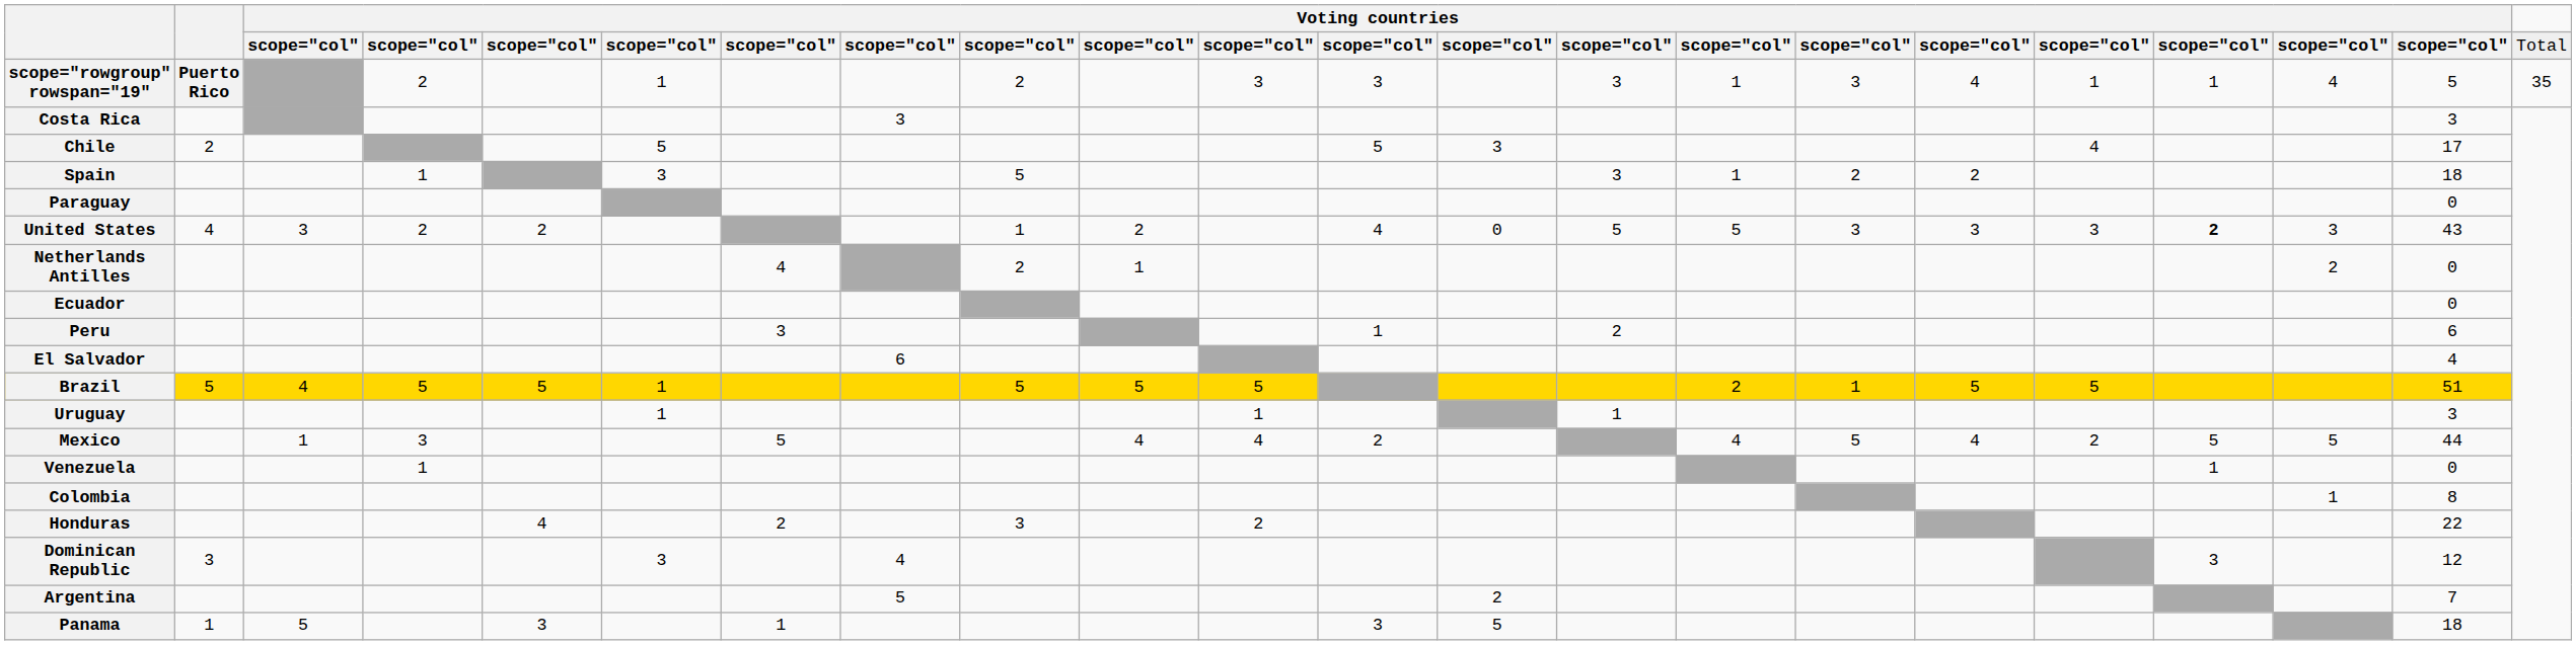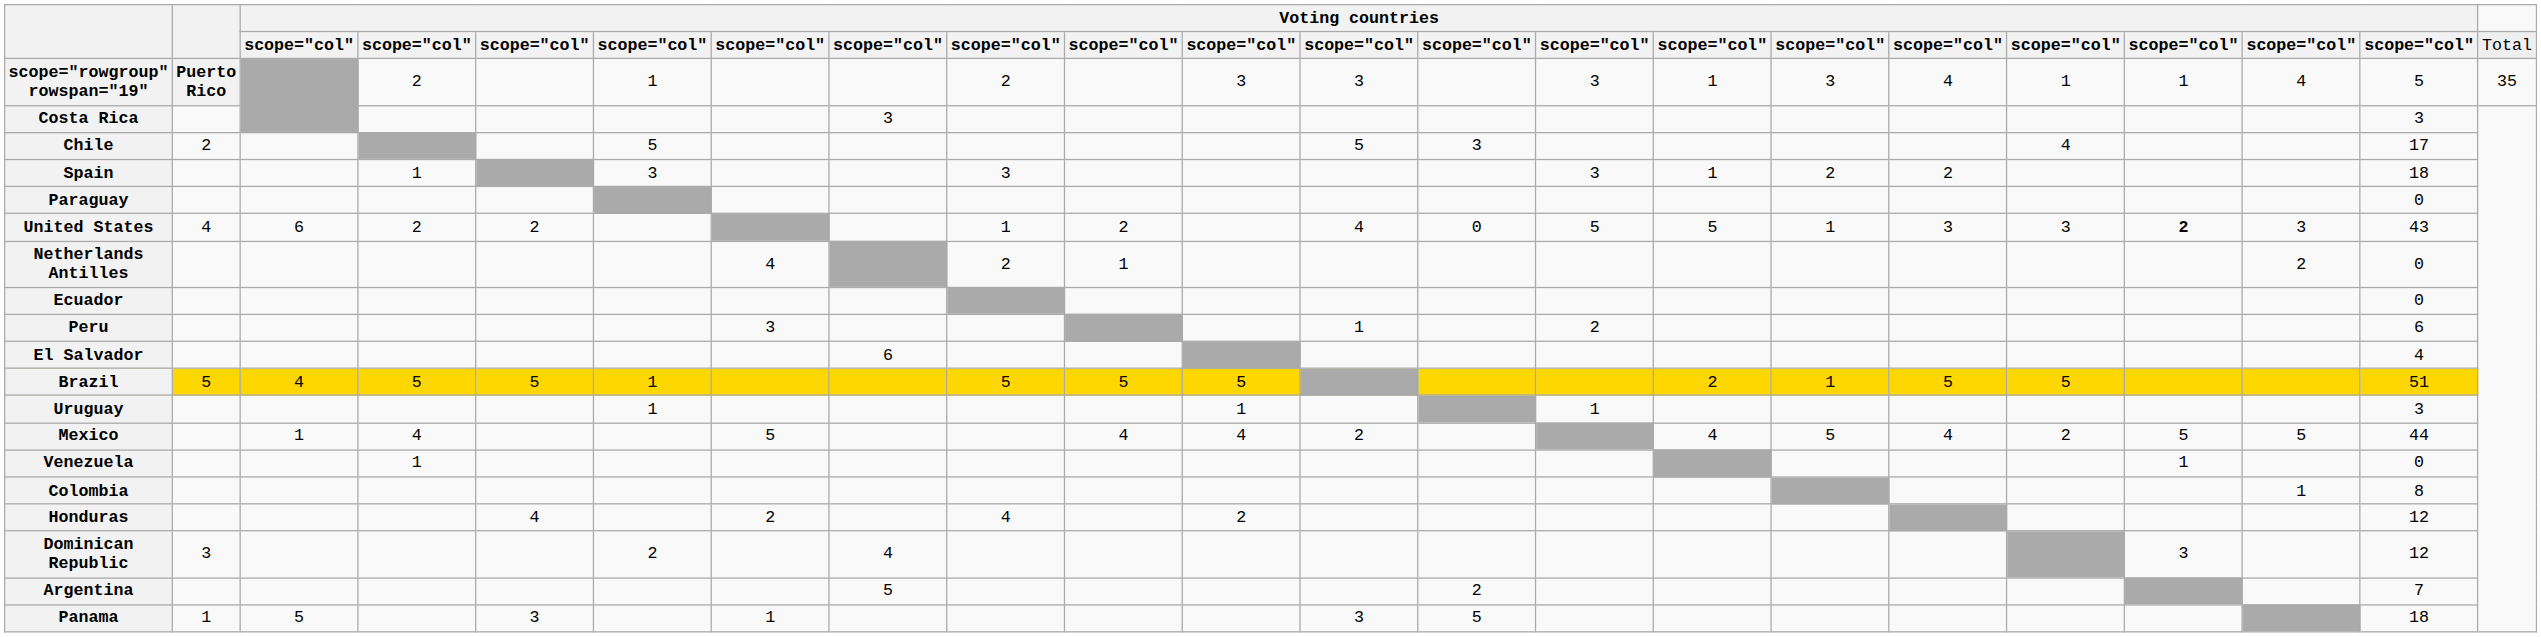 <table class="wikitable plainrowheaders" style="text-align: center;">
 <tr>
 <th rowspan="2"></th>
 <th rowspan="2"></th>
 <th colspan="19">Voting countries</th>
 </tr>
 <tr>
 <th>scope="col" </th>
 <th>scope="col" </th>
 <th>scope="col" </th>
 <th>scope="col" </th>
 <th>scope="col" </th>
 <th>scope="col" </th>
 <th>scope="col" </th>
 <th>scope="col" </th>
 <th>scope="col" </th>
 <th>scope="col" </th>
 <th>scope="col" </th>
 <th>scope="col" </th>
 <th>scope="col" </th>
 <th>scope="col" </th>
 <th>scope="col" </th>
 <th>scope="col" </th>
 <th>scope="col" </th>
 <th>scope="col" </th>
 <th>scope="col" </th>
 <td style="background-color:#EFEFEF;">Total</td>
 </tr>
 <tr>
 <th>scope="rowgroup" rowspan="19" </th>
 <th scope="row">Puerto Rico</th>
 <td style="background-color:#AAAAAA;"></td>
 <td>2</td>
 <td></td>
 <td>1</td>
 <td></td>
 <td></td>
 <td>2</td>
 <td></td>
 <td>3</td>
 <td>3</td>
 <td></td>
 <td>3</td>
 <td>1</td>
 <td>3</td>
 <td>4</td>
 <td>1</td>
 <td>1</td>
 <td>4</td>
 <td>5</td>
 <td>35</td>
 </tr>
 <tr>
 <th scope="row">Costa Rica</th>
 <td></td>
 <td style="background-color:#AAAAAA;"></td>
 <td></td>
 <td></td>
 <td></td>
 <td></td>
 <td>3</td>
 <td></td>
 <td></td>
 <td></td>
 <td></td>
 <td></td>
 <td></td>
 <td></td>
 <td></td>
 <td></td>
 <td></td>
 <td></td>
 <td></td>
 <td>3</td>
 </tr>
 <tr>
 <th scope="row">Chile</th>
 <td>2</td>
 <td></td>
 <td style="background-color:#AAAAAA;"></td>
 <td></td>
 <td>5</td>
 <td></td>
 <td></td>
 <td></td>
 <td></td>
 <td></td>
 <td>5</td>
 <td>3</td>
 <td></td>
 <td></td>
 <td></td>
 <td></td>
 <td>4</td>
 <td></td>
 <td></td>
 <td>17</td>
 </tr>
 <tr>
 <th scope="row">Spain</th>
 <td></td>
 <td></td>
 <td>1</td>
 <td style="background-color:#AAAAAA;"></td>
 <td>3</td>
 <td></td>
 <td></td>
-<td>5</td>
+<td>3</td>
 <td></td>
 <td></td>
 <td></td>
 <td></td>
 <td>3</td>
 <td>1</td>
 <td>2</td>
 <td>2</td>
 <td></td>
 <td></td>
 <td></td>
 <td>18</td>
 </tr>
 <tr>
 <th scope="row">Paraguay</th>
 <td></td>
 <td></td>
 <td></td>
 <td></td>
 <td style="background-color:#AAAAAA;"></td>
 <td></td>
 <td></td>
 <td></td>
 <td></td>
 <td></td>
 <td></td>
 <td></td>
 <td></td>
 <td></td>
 <td></td>
 <td></td>
 <td></td>
 <td></td>
 <td></td>
 <td>0</td>
 </tr>
 <tr>
 <th scope="row">United States</th>
 <td>4</td>
-<td>3</td>
+<td>6</td>
 <td>2</td>
 <td>2</td>
 <td></td>
 <td style="background-color:#AAAAAA;"></td>
 <td></td>
 <td>1</td>
 <td>2</td>
 <td></td>
 <td>4</td>
 <td>0</td>
 <td>5</td>
 <td>5</td>
-<td>3</td>
+<td>1</td>
 <td>3</td>
 <td>3</td>
 <td><strong>2</strong></td>
 <td>3</td>
 <td>43</td>
 </tr>
 <tr>
 <th scope="row">Netherlands Antilles</th>
 <td></td>
 <td></td>
 <td></td>
 <td></td>
 <td></td>
 <td>4</td>
 <td style="background-color:#AAAAAA;"></td>
 <td>2</td>
 <td>1</td>
 <td></td>
 <td></td>
 <td></td>
 <td></td>
 <td></td>
 <td></td>
 <td></td>
 <td></td>
 <td></td>
 <td>2</td>
 <td>0</td>
 </tr>
 <tr>
 <th scope="row">Ecuador</th>
 <td></td>
 <td></td>
 <td></td>
 <td></td>
 <td></td>
 <td></td>
 <td></td>
 <td style="background-color:#AAAAAA;"></td>
 <td></td>
 <td></td>
 <td></td>
 <td></td>
 <td></td>
 <td></td>
 <td></td>
 <td></td>
 <td></td>
 <td></td>
 <td></td>
 <td>0</td>
 </tr>
 <tr>
 <th scope="row">Peru</th>
 <td></td>
 <td></td>
 <td></td>
 <td></td>
 <td></td>
 <td>3</td>
 <td></td>
 <td></td>
 <td style="background-color:#AAAAAA;"></td>
 <td></td>
 <td>1</td>
 <td></td>
 <td>2</td>
 <td></td>
 <td></td>
 <td></td>
 <td></td>
 <td></td>
 <td></td>
 <td>6</td>
 </tr>
 <tr>
 <th scope="row">El Salvador</th>
 <td></td>
 <td></td>
 <td></td>
 <td></td>
 <td></td>
 <td></td>
 <td>6</td>
 <td></td>
 <td></td>
 <td style="background-color:#AAAAAA;"></td>
 <td></td>
 <td></td>
 <td></td>
 <td></td>
 <td></td>
 <td></td>
 <td></td>
 <td></td>
 <td></td>
 <td>4</td>
 </tr>
 <tr style="background-color:#FFD700;">
 <th scope="row">Brazil</th>
 <td>5</td>
 <td>4</td>
 <td>5</td>
 <td>5</td>
 <td>1</td>
 <td></td>
 <td></td>
 <td>5</td>
 <td>5</td>
 <td>5</td>
 <td style="background-color:#AAAAAA;"></td>
 <td></td>
 <td></td>
 <td>2</td>
 <td>1</td>
 <td>5</td>
 <td>5</td>
 <td></td>
 <td></td>
 <td>51</td>
 </tr>
 <tr>
 <th scope="row">Uruguay</th>
 <td></td>
 <td></td>
 <td></td>
 <td></td>
 <td>1</td>
 <td></td>
 <td></td>
 <td></td>
 <td></td>
 <td>1</td>
 <td></td>
 <td style="background-color:#AAAAAA;"></td>
 <td>1</td>
 <td></td>
 <td></td>
 <td></td>
 <td></td>
 <td></td>
 <td></td>
 <td>3</td>
 </tr>
 <tr>
 <th scope="row">Mexico</th>
 <td></td>
 <td>1</td>
-<td>3</td>
+<td>4</td>
 <td></td>
 <td></td>
 <td>5</td>
 <td></td>
 <td></td>
 <td>4</td>
 <td>4</td>
 <td>2</td>
 <td></td>
 <td style="background-color:#AAAAAA;"></td>
 <td>4</td>
 <td>5</td>
 <td>4</td>
 <td>2</td>
 <td>5</td>
 <td>5</td>
 <td>44</td>
 </tr>
 <tr>
 <th scope="row">Venezuela</th>
 <td></td>
 <td></td>
 <td>1</td>
 <td></td>
 <td></td>
 <td></td>
 <td></td>
 <td></td>
 <td></td>
 <td></td>
 <td></td>
 <td></td>
 <td></td>
 <td style="background-color:#AAAAAA;"></td>
 <td></td>
 <td></td>
 <td></td>
 <td>1</td>
 <td></td>
 <td>0</td>
 </tr>
 <tr>
 <th scope="row">Colombia</th>
 <td></td>
 <td></td>
 <td></td>
 <td></td>
 <td></td>
 <td></td>
 <td></td>
 <td></td>
 <td></td>
 <td></td>
 <td></td>
 <td></td>
 <td></td>
 <td></td>
 <td style="background-color:#AAAAAA;"></td>
 <td></td>
 <td></td>
 <td></td>
 <td>1</td>
 <td>8</td>
 </tr>
 <tr>
 <th scope="row">Honduras</th>
 <td></td>
 <td></td>
 <td></td>
 <td>4</td>
 <td></td>
 <td>2</td>
 <td></td>
-<td>3</td>
+<td>4</td>
 <td></td>
 <td>2</td>
 <td></td>
 <td></td>
 <td></td>
 <td></td>
 <td></td>
 <td style="background-color:#AAAAAA;"></td>
 <td></td>
 <td></td>
 <td></td>
-<td>22</td>
+<td>12</td>
 </tr>
 <tr>
 <th scope="row">Dominican Republic</th>
 <td>3</td>
 <td></td>
 <td></td>
 <td></td>
-<td>3</td>
+<td>2</td>
 <td></td>
 <td>4</td>
 <td></td>
 <td></td>
 <td></td>
 <td></td>
 <td></td>
 <td></td>
 <td></td>
 <td></td>
 <td></td>
 <td style="background-color:#AAAAAA;"></td>
 <td>3</td>
 <td></td>
 <td>12</td>
 </tr>
 <tr>
 <th scope="row">Argentina</th>
 <td></td>
 <td></td>
 <td></td>
 <td></td>
 <td></td>
 <td></td>
 <td>5</td>
 <td></td>
 <td></td>
 <td></td>
 <td></td>
 <td>2</td>
 <td></td>
 <td></td>
 <td></td>
 <td></td>
 <td></td>
 <td style="background-color:#AAAAAA;"></td>
 <td></td>
 <td>7</td>
 </tr>
 <tr>
 <th scope="row">Panama</th>
 <td>1</td>
 <td>5</td>
 <td></td>
 <td>3</td>
 <td></td>
 <td>1</td>
 <td></td>
 <td></td>
 <td></td>
 <td></td>
 <td>3</td>
 <td>5</td>
 <td></td>
 <td></td>
 <td></td>
 <td></td>
 <td></td>
 <td></td>
 <td style="background-color:#AAAAAA;"></td>
 <td>18</td>
 </tr>
 </table>
